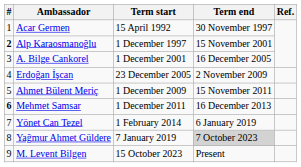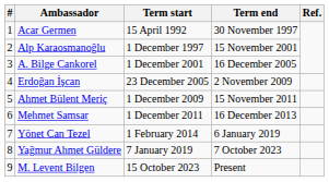 <table class="wikitable">
 <tr>
 <th>#</th>
 <th>Ambassador</th>
 <th>Term start</th>
 <th>Term end</th>
 <th>Ref.</th>
 </tr>
 <tr>
 <td>1</td>
 <td><a href='#'>Acar Germen</a></td>
 <td>15 April 1992</td>
 <td>30 November 1997</td>
 <td rowspan="3"></td>
 </tr>
 <tr>
-<td><strong>2</strong></td>
+<td>2</td>
 <td><a href='#'>Alp Karaosmanoğlu</a></td>
 <td>1 December 1997</td>
 <td>15 November 2001</td>
 </tr>
 <tr>
 <td>3</td>
 <td><a href='#'>A. Bilge Cankorel</a></td>
 <td>1 December 2001</td>
 <td>16 December 2005</td>
 </tr>
 <tr>
 <td>4</td>
 <td><a href='#'>Erdoğan İşcan</a></td>
 <td>23 December 2005</td>
 <td>2 November 2009</td>
 <td></td>
 </tr>
 <tr>
 <td>5</td>
 <td><a href='#'>Ahmet Bülent Meriç</a></td>
 <td>1 December 2009</td>
 <td>15 November 2011</td>
 <td></td>
 </tr>
 <tr>
-<td><strong>6</strong></td>
+<td>6</td>
 <td><a href='#'>Mehmet Samsar</a></td>
 <td>1 December 2011</td>
 <td>16 December 2013</td>
 <td></td>
 </tr>
 <tr>
 <td>7</td>
 <td><a href='#'>Yönet Can Tezel</a></td>
 <td>1 February 2014</td>
 <td>6 January 2019</td>
 <td></td>
 </tr>
 <tr>
 <td>8</td>
 <td><a href='#'>Yağmur Ahmet Güldere</a></td>
 <td>7 January 2019</td>
-<td style="background: lightgrey;">7 October 2023</td>
+<td>7 October 2023</td>
 <td></td>
 </tr>
 <tr>
 <td>9</td>
 <td><a href='#'>M. Levent Bilgen</a></td>
 <td>15 October 2023</td>
 <td>Present</td>
 <td></td>
 </tr>
 </table>
